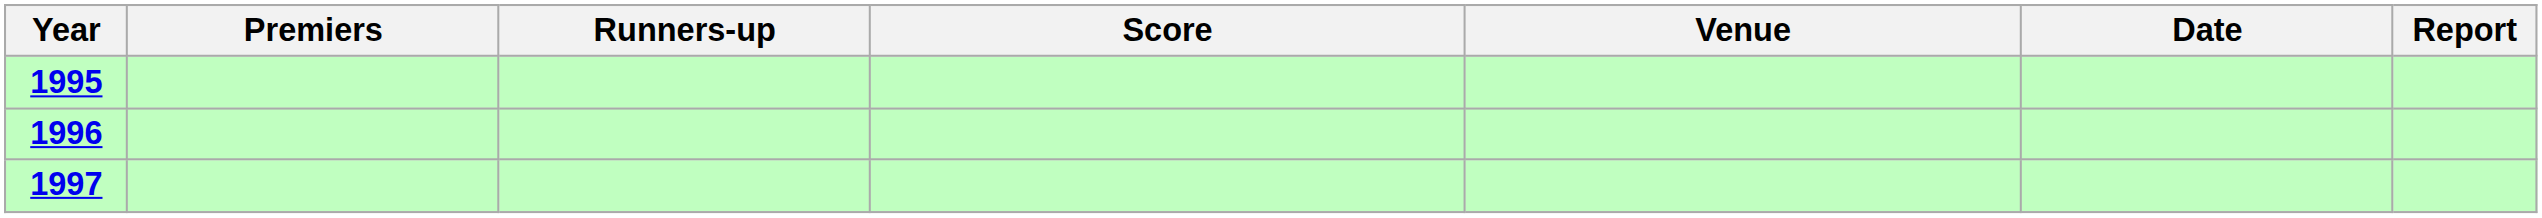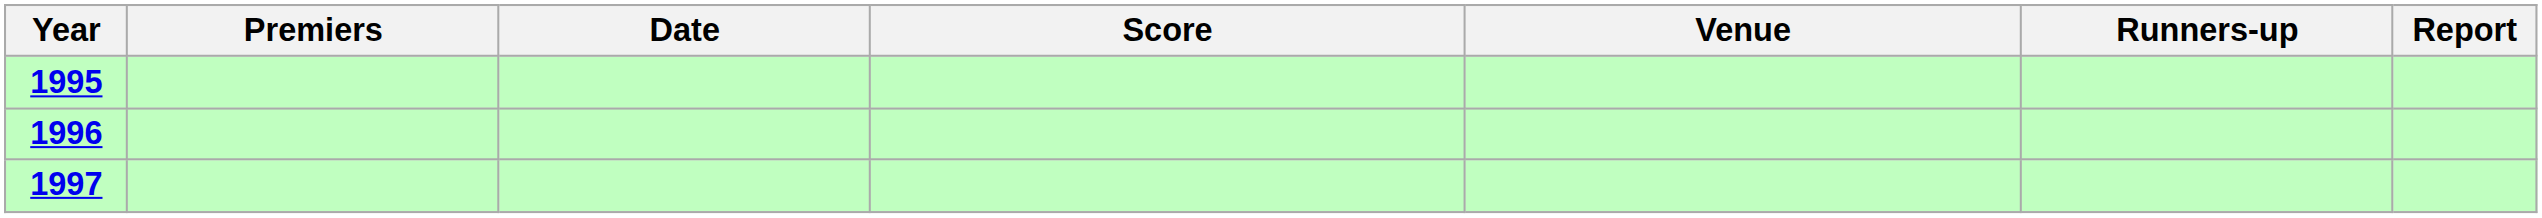 <table class="wikitable sortable" style="text-align:left; text-valign:center">
 <tr>
 <th width=3%>Year</th>
 <th width=10%>Premiers</th>
-<th width=10%>Runners-up</th>
+<th width=10%; class=unsortable>Date</th>
 <th width=16%>Score</th>
 <th width=15%>Venue</th>
-<th width=10%; class=unsortable>Date</th>
+<th width=10%>Runners-up</th>
 <th width=2%; class=unsortable>Report</th>
 </tr>
 <tr style="background:#C0FFC0;">
 <td align="center"><strong><a href='#'>1995</a></strong></td>
 <td></td>
 <td></td>
 <td align=center></td>
 <td></td>
 <td></td>
 <td align=center></td>
 </tr>
 <tr style="background:#C0FFC0;">
 <td align="center"><strong><a href='#'>1996</a></strong></td>
 <td></td>
 <td></td>
 <td align=center></td>
 <td></td>
 <td></td>
 <td align=center></td>
 </tr>
 <tr style="background:#C0FFC0;">
 <td align="center"><strong><a href='#'>1997</a></strong></td>
 <td></td>
 <td></td>
 <td align=center></td>
 <td></td>
 <td></td>
 <td align=center></td>
 </tr>
 </table>
